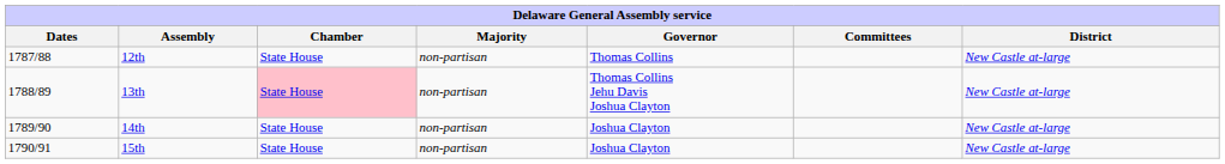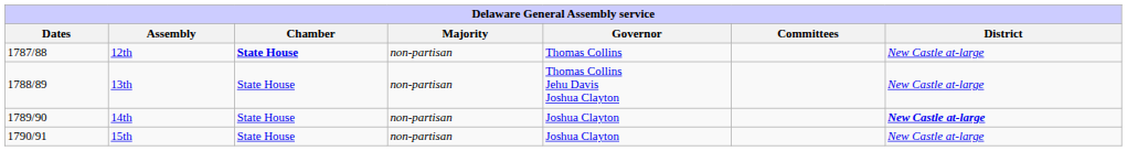 <table class=wikitable style="width: 94%" style="text-align: center;" align="center">
 <tr bgcolor=#cccccc>
 <th colspan=7 style="background: #ccccff;">Delaware General Assembly service</th>
 </tr>
 <tr>
 <th><strong>Dates</strong></th>
 <th><strong>Assembly</strong></th>
 <th><strong>Chamber</strong></th>
 <th><strong>Majority</strong></th>
 <th><strong>Governor</strong></th>
 <th><strong>Committees</strong></th>
 <th><strong>District</strong></th>
 </tr>
 <tr>
 <td>1787/88</td>
 <td><a href='#'>12th</a></td>
-<td><a href='#'>State House</a></td>
+<td><strong><a href='#'>State House</a></strong></td>
 <td><em>non-partisan</em></td>
 <td><a href='#'>Thomas Collins</a></td>
 <td></td>
 <td><a href='#'><em>New Castle at-large</em></a></td>
 </tr>
 <tr>
 <td>1788/89</td>
 <td><a href='#'>13th</a></td>
-<td style="background: pink;"><a href='#'>State House</a></td>
+<td><a href='#'>State House</a></td>
 <td><em>non-partisan</em></td>
 <td><a href='#'>Thomas Collins</a><br><a href='#'>Jehu Davis</a><br><a href='#'>Joshua Clayton</a></td>
 <td></td>
 <td><a href='#'><em>New Castle at-large</em></a></td>
 </tr>
 <tr>
 <td>1789/90</td>
 <td><a href='#'>14th</a></td>
 <td><a href='#'>State House</a></td>
 <td><em>non-partisan</em></td>
 <td><a href='#'>Joshua Clayton</a></td>
 <td></td>
-<td><a href='#'><em>New Castle at-large</em></a></td>
+<td><strong><a href='#'><em>New Castle at-large</em></a></strong></td>
 </tr>
 <tr>
 <td>1790/91</td>
 <td><a href='#'>15th</a></td>
 <td><a href='#'>State House</a></td>
 <td><em>non-partisan</em></td>
 <td><a href='#'>Joshua Clayton</a></td>
 <td></td>
 <td><a href='#'><em>New Castle at-large</em></a></td>
 </tr>
 </table>
